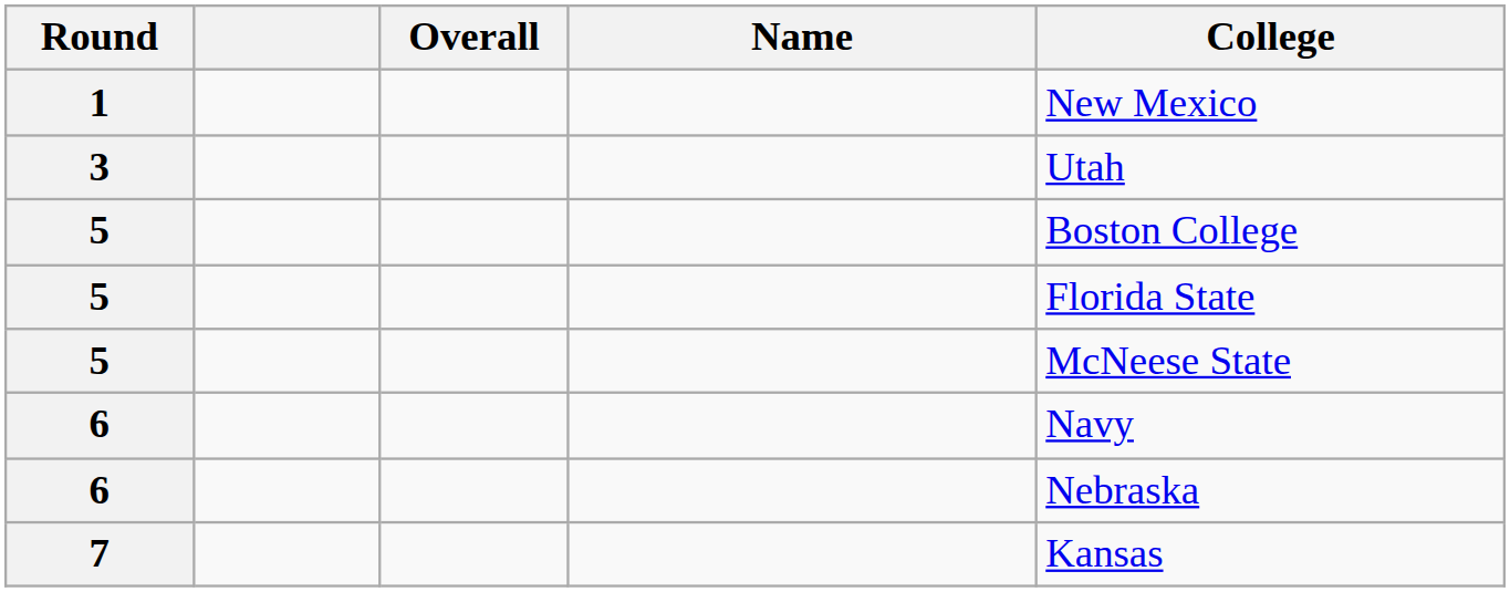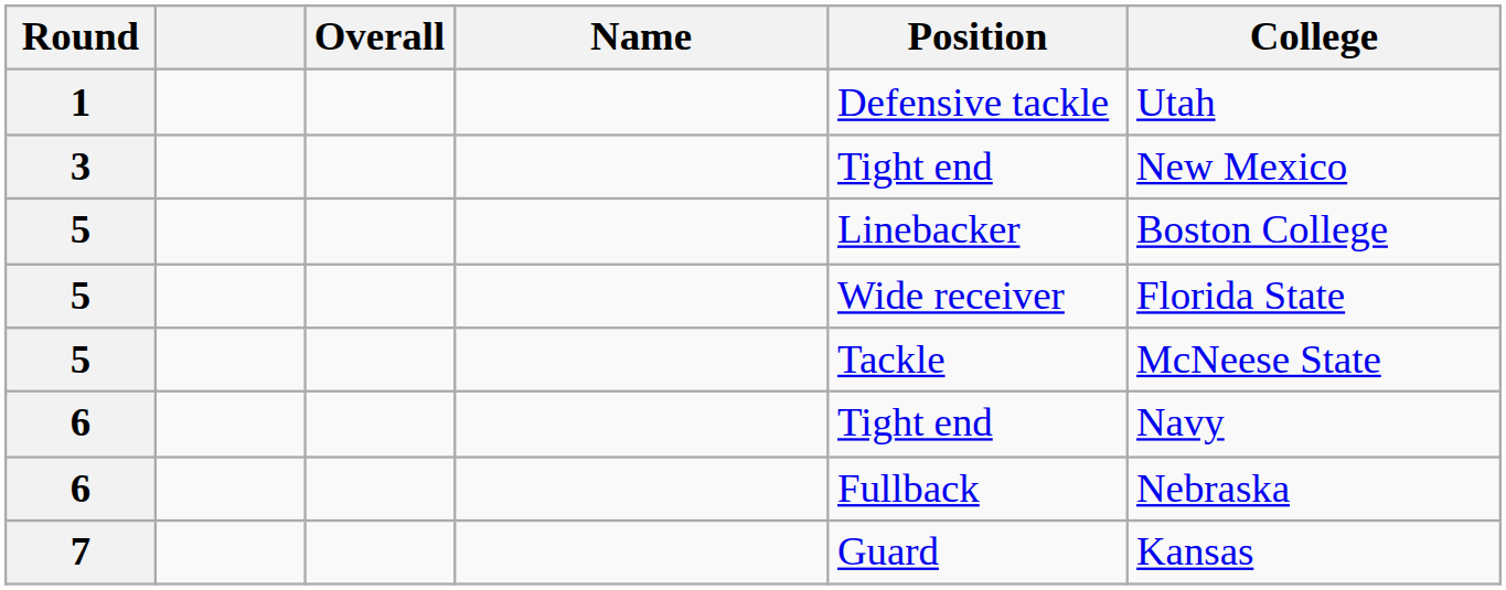 <table class="wikitable sortable">
 <tr>
 <th scope="col" style="width: 10%;">Round</th>
 <th scope="col" style="width: 10%;"></th>
 <th scope="col" style="width: 10%;">Overall</th>
 <th scope="col" style="width: 25%;">Name</th>
+<th scope="col" style="width: 20%;">Position</th>
 <th scope="col" style="width: 25%;">College</th>
 </tr>
 <tr>
 <th scope="row">1</th>
 <td></td>
 <td></td>
 <td></td>
-<td><a href='#'>New Mexico</a></td>
+<td><a href='#'>Defensive tackle</a></td>
+<td><a href='#'>Utah</a></td>
 </tr>
 <tr>
 <th scope="row">3</th>
 <td></td>
 <td></td>
 <td></td>
-<td><a href='#'>Utah</a></td>
+<td><a href='#'>Tight end</a></td>
+<td><a href='#'>New Mexico</a></td>
 </tr>
 <tr>
 <th scope="row">5</th>
 <td></td>
 <td></td>
 <td></td>
+<td><a href='#'>Linebacker</a></td>
 <td><a href='#'>Boston College</a></td>
 </tr>
 <tr>
 <th scope="row">5</th>
 <td></td>
 <td></td>
 <td></td>
+<td><a href='#'>Wide receiver</a></td>
 <td><a href='#'>Florida State</a></td>
 </tr>
 <tr>
 <th scope="row">5</th>
 <td></td>
 <td></td>
 <td></td>
+<td><a href='#'>Tackle</a></td>
 <td><a href='#'>McNeese State</a></td>
 </tr>
 <tr>
 <th scope="row">6</th>
 <td></td>
 <td></td>
 <td></td>
+<td><a href='#'>Tight end</a></td>
 <td><a href='#'>Navy</a></td>
 </tr>
 <tr>
 <th scope="row">6</th>
 <td></td>
 <td></td>
 <td></td>
+<td><a href='#'>Fullback</a></td>
 <td><a href='#'>Nebraska</a></td>
 </tr>
 <tr>
 <th scope="row">7</th>
 <td></td>
 <td></td>
 <td></td>
+<td><a href='#'>Guard</a></td>
 <td><a href='#'>Kansas</a></td>
 </tr>
 </table>
